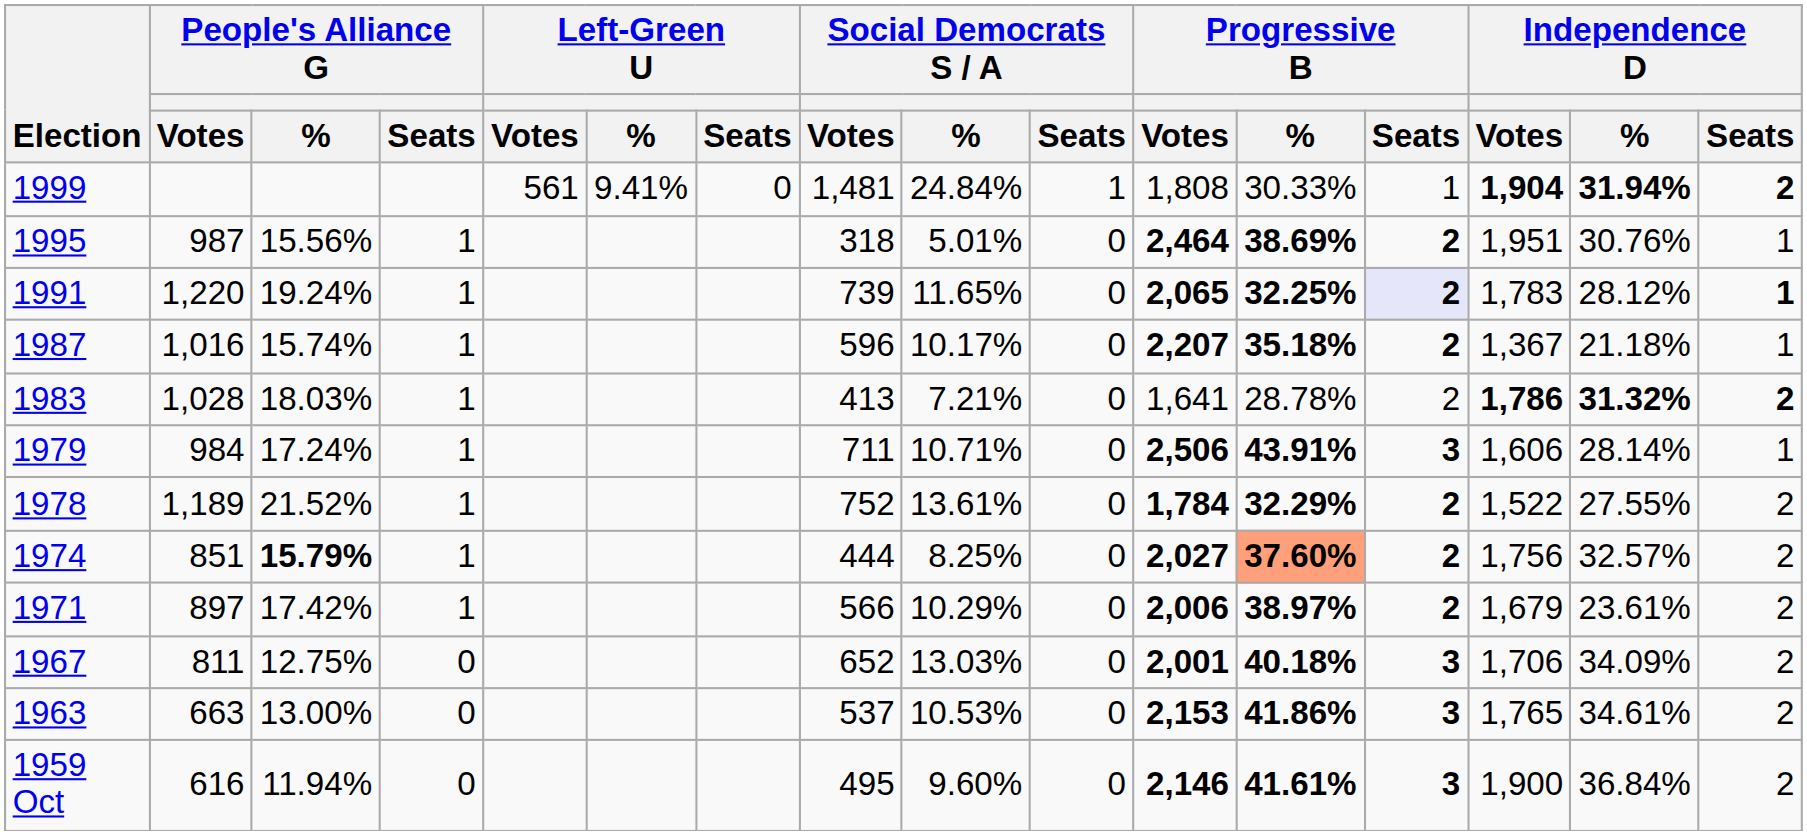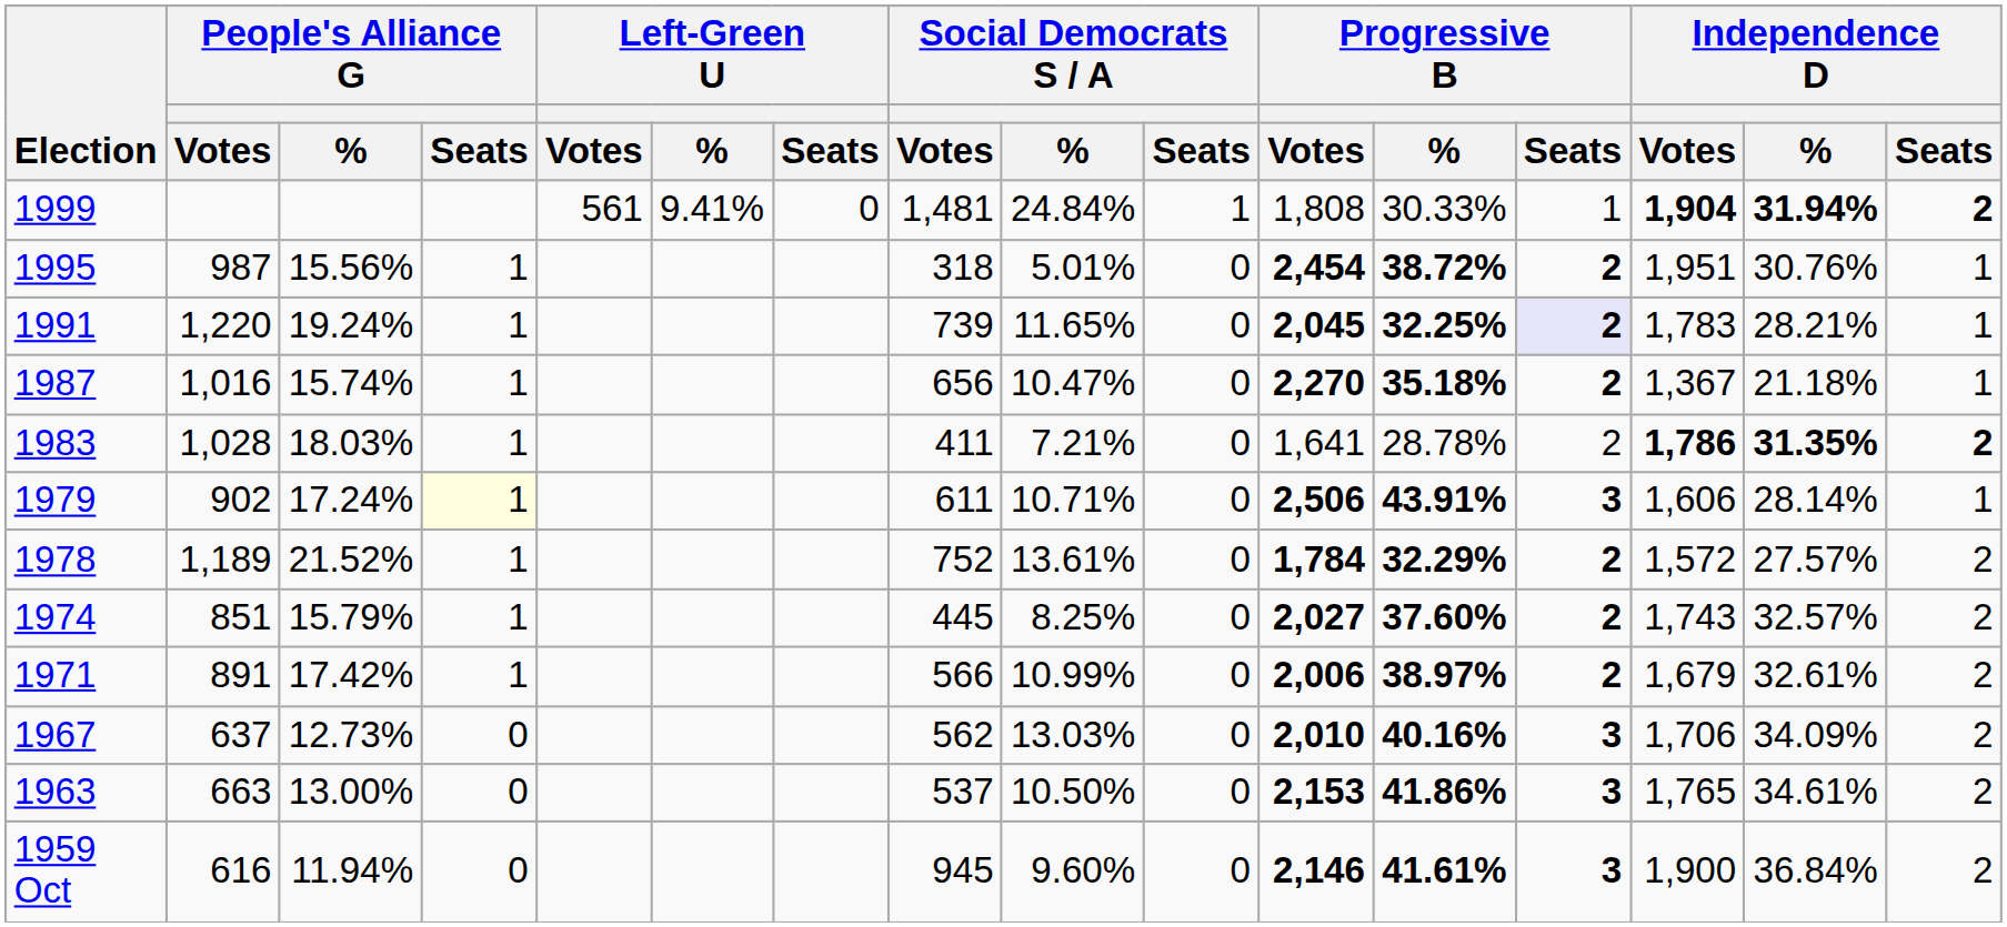 <table class="wikitable" border="1" style="font-size:100%; text-align:right;">
 <tr>
 <th style="text-align:left;" valign=bottom rowspan=3>Election</th>
 <th valign=bottom colspan=3><a href='#'>People's Alliance</a><br>G</th>
 <th valign=bottom colspan=3><a href='#'>Left-Green</a><br>U</th>
 <th valign=bottom colspan=3><a href='#'>Social Democrats</a><br>S / A</th>
 <th valign=bottom colspan=3><a href='#'>Progressive</a><br>B</th>
 <th valign=bottom colspan=3><a href='#'>Independence</a><br>D</th>
 </tr>
 <tr>
 <th colspan=3 style="background:"></th>
 <th colspan=3 style="background:"></th>
 <th colspan=3 style="background:"></th>
 <th colspan=3 style="background:"></th>
 <th colspan=3 style="background:"></th>
 </tr>
 <tr>
 <th>Votes</th>
 <th>%</th>
 <th>Seats</th>
 <th>Votes</th>
 <th>%</th>
 <th>Seats</th>
 <th>Votes</th>
 <th>%</th>
 <th>Seats</th>
 <th>Votes</th>
 <th>%</th>
 <th>Seats</th>
 <th>Votes</th>
 <th>%</th>
 <th>Seats</th>
 </tr>
 <tr>
 <td align=left><a href='#'>1999</a></td>
 <td></td>
 <td></td>
 <td></td>
 <td>561</td>
 <td>9.41%</td>
 <td>0</td>
 <td>1,481</td>
 <td>24.84%</td>
 <td>1</td>
 <td>1,808</td>
 <td>30.33%</td>
 <td>1</td>
 <td><strong>1,904</strong></td>
 <td><strong>31.94%</strong></td>
 <td><strong>2</strong></td>
 </tr>
 <tr>
 <td align=left><a href='#'>1995</a></td>
 <td>987</td>
 <td>15.56%</td>
 <td>1</td>
 <td></td>
 <td></td>
 <td></td>
 <td>318</td>
 <td>5.01%</td>
 <td>0</td>
-<td><strong>2,464</strong></td>
-<td><strong>38.69%</strong></td>
+<td><strong>2,454</strong></td>
+<td><strong>38.72%</strong></td>
 <td><strong>2</strong></td>
 <td>1,951</td>
 <td>30.76%</td>
 <td>1</td>
 </tr>
 <tr>
 <td align=left><a href='#'>1991</a></td>
 <td>1,220</td>
 <td>19.24%</td>
 <td>1</td>
 <td></td>
 <td></td>
 <td></td>
 <td>739</td>
 <td>11.65%</td>
 <td>0</td>
-<td><strong>2,065</strong></td>
+<td><strong>2,045</strong></td>
 <td><strong>32.25%</strong></td>
 <td style="background: lavender;"><strong>2</strong></td>
 <td>1,783</td>
-<td>28.12%</td>
-<td><strong>1</strong></td>
+<td>28.21%</td>
+<td>1</td>
 </tr>
 <tr>
 <td align=left><a href='#'>1987</a></td>
 <td>1,016</td>
 <td>15.74%</td>
 <td>1</td>
 <td></td>
 <td></td>
 <td></td>
-<td>596</td>
-<td>10.17%</td>
+<td>656</td>
+<td>10.47%</td>
 <td>0</td>
-<td><strong>2,207</strong></td>
+<td><strong>2,270</strong></td>
 <td><strong>35.18%</strong></td>
 <td><strong>2</strong></td>
 <td>1,367</td>
 <td>21.18%</td>
 <td>1</td>
 </tr>
 <tr>
 <td align=left><a href='#'>1983</a></td>
 <td>1,028</td>
 <td>18.03%</td>
 <td>1</td>
 <td></td>
 <td></td>
 <td></td>
-<td>413</td>
+<td>411</td>
 <td>7.21%</td>
 <td>0</td>
 <td>1,641</td>
 <td>28.78%</td>
 <td>2</td>
 <td><strong>1,786</strong></td>
-<td><strong>31.32%</strong></td>
+<td><strong>31.35%</strong></td>
 <td><strong>2</strong></td>
 </tr>
 <tr>
 <td align=left><a href='#'>1979</a></td>
-<td>984</td>
+<td>902</td>
 <td>17.24%</td>
-<td>1</td>
+<td style="background: lightyellow;">1</td>
 <td></td>
 <td></td>
 <td></td>
-<td>711</td>
+<td>611</td>
 <td>10.71%</td>
 <td>0</td>
 <td><strong>2,506</strong></td>
 <td><strong>43.91%</strong></td>
 <td><strong>3</strong></td>
 <td>1,606</td>
 <td>28.14%</td>
 <td>1</td>
 </tr>
 <tr>
 <td align=left><a href='#'>1978</a></td>
 <td>1,189</td>
 <td>21.52%</td>
 <td>1</td>
 <td></td>
 <td></td>
 <td></td>
 <td>752</td>
 <td>13.61%</td>
 <td>0</td>
 <td><strong>1,784</strong></td>
 <td><strong>32.29%</strong></td>
 <td><strong>2</strong></td>
-<td>1,522</td>
-<td>27.55%</td>
+<td>1,572</td>
+<td>27.57%</td>
 <td>2</td>
 </tr>
 <tr>
 <td align=left><a href='#'>1974</a></td>
 <td>851</td>
-<td><strong>15.79%</strong></td>
+<td>15.79%</td>
 <td>1</td>
 <td></td>
 <td></td>
 <td></td>
-<td>444</td>
+<td>445</td>
 <td>8.25%</td>
 <td>0</td>
 <td><strong>2,027</strong></td>
-<td style="background: lightsalmon;"><strong>37.60%</strong></td>
+<td><strong>37.60%</strong></td>
 <td><strong>2</strong></td>
-<td>1,756</td>
+<td>1,743</td>
 <td>32.57%</td>
 <td>2</td>
 </tr>
 <tr>
 <td align=left><a href='#'>1971</a></td>
-<td>897</td>
+<td>891</td>
 <td>17.42%</td>
 <td>1</td>
 <td></td>
 <td></td>
 <td></td>
 <td>566</td>
-<td>10.29%</td>
+<td>10.99%</td>
 <td>0</td>
 <td><strong>2,006</strong></td>
 <td><strong>38.97%</strong></td>
 <td><strong>2</strong></td>
 <td>1,679</td>
-<td>23.61%</td>
+<td>32.61%</td>
 <td>2</td>
 </tr>
 <tr>
 <td align=left><a href='#'>1967</a></td>
-<td>811</td>
-<td>12.75%</td>
+<td>637</td>
+<td>12.73%</td>
 <td>0</td>
 <td></td>
 <td></td>
 <td></td>
-<td>652</td>
+<td>562</td>
 <td>13.03%</td>
 <td>0</td>
-<td><strong>2,001</strong></td>
-<td><strong>40.18%</strong></td>
+<td><strong>2,010</strong></td>
+<td><strong>40.16%</strong></td>
 <td><strong>3</strong></td>
 <td>1,706</td>
 <td>34.09%</td>
 <td>2</td>
 </tr>
 <tr>
 <td align=left><a href='#'>1963</a></td>
 <td>663</td>
 <td>13.00%</td>
 <td>0</td>
 <td></td>
 <td></td>
 <td></td>
 <td>537</td>
-<td>10.53%</td>
+<td>10.50%</td>
 <td>0</td>
 <td><strong>2,153</strong></td>
 <td><strong>41.86%</strong></td>
 <td><strong>3</strong></td>
 <td>1,765</td>
 <td>34.61%</td>
 <td>2</td>
 </tr>
 <tr>
 <td align=left><a href='#'>1959 Oct</a></td>
 <td>616</td>
 <td>11.94%</td>
 <td>0</td>
 <td></td>
 <td></td>
 <td></td>
-<td>495</td>
+<td>945</td>
 <td>9.60%</td>
 <td>0</td>
 <td><strong>2,146</strong></td>
 <td><strong>41.61%</strong></td>
 <td><strong>3</strong></td>
 <td>1,900</td>
 <td>36.84%</td>
 <td>2</td>
 </tr>
 </table>
